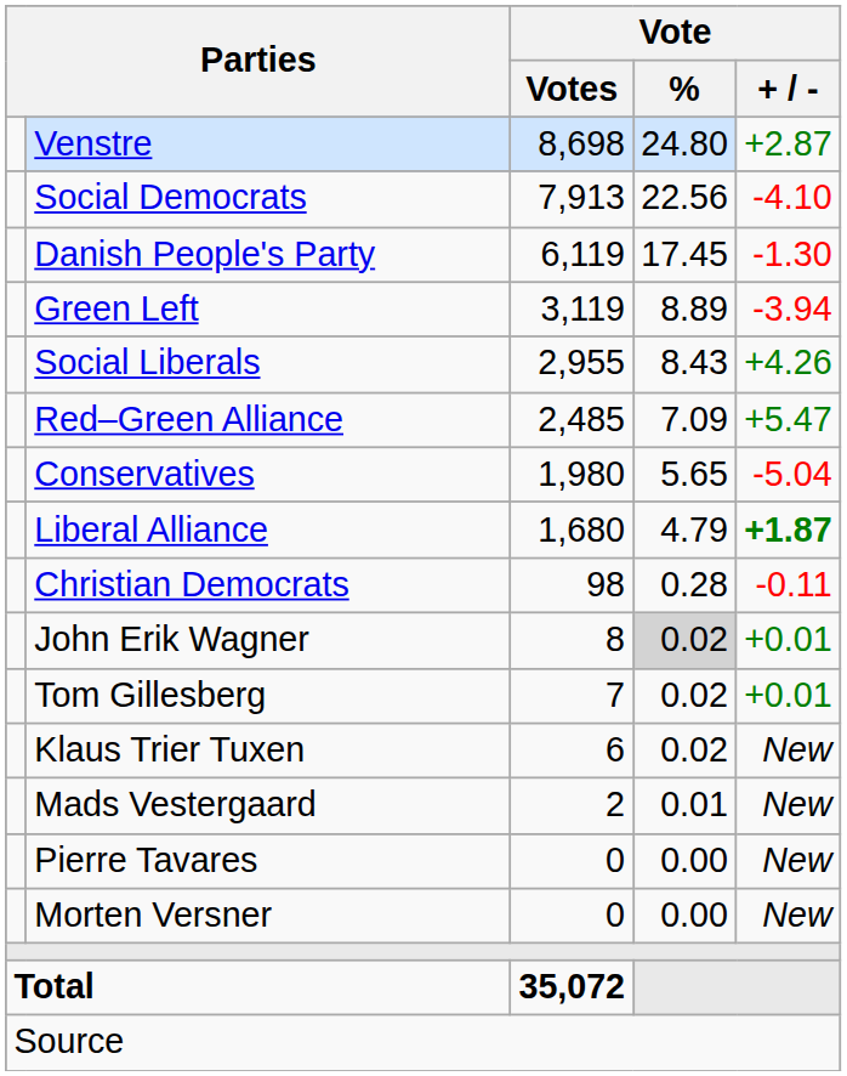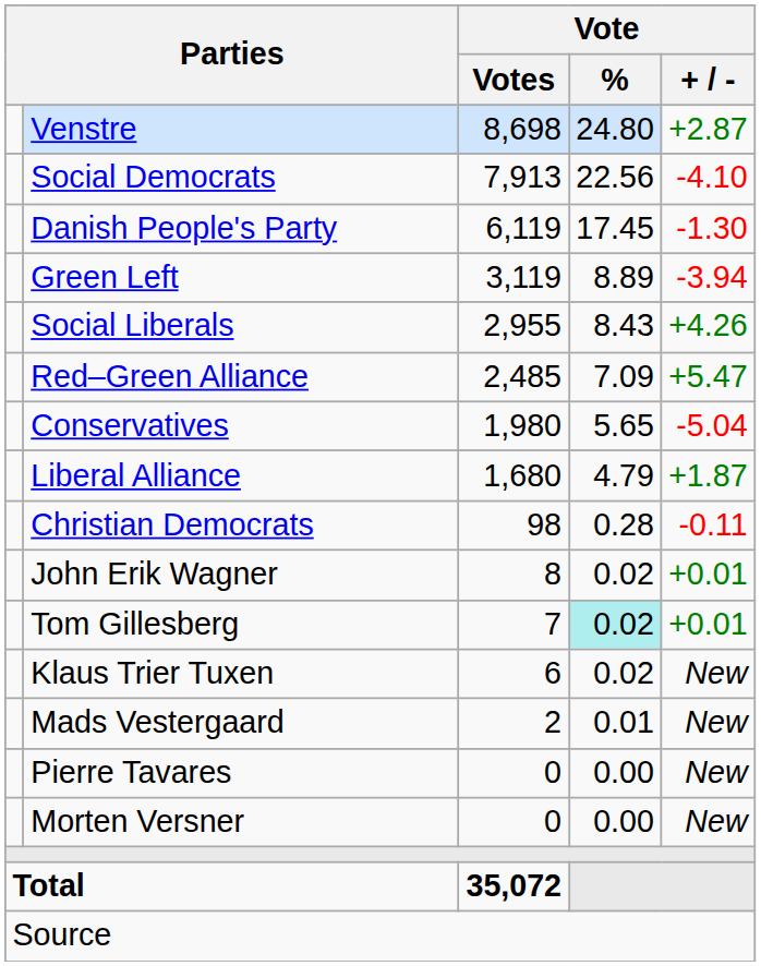 <table class="wikitable" style="text-align:right;">
 <tr>
 <th style="text-align:centre;" rowspan="2" colspan="2" width="225">Parties</th>
 <th colspan="3">Vote</th>
 </tr>
 <tr>
 <th width="15">Votes</th>
 <th width="15">%</th>
 <th width="15">+ / -</th>
 </tr>
 <tr>
 <td width="2" style="color:inherit;background:"></td>
 <td bgcolor=#cfe5fe  align="left"><a href='#'>Venstre</a></td>
 <td bgcolor=#cfe5fe>8,698</td>
 <td bgcolor=#cfe5fe>24.80</td>
 <td style=color:green;>+2.87</td>
 </tr>
 <tr>
 <td width="2" style="color:inherit;background:"></td>
 <td align="left"><a href='#'>Social Democrats</a></td>
 <td>7,913</td>
 <td>22.56</td>
 <td style=color:red;>-4.10</td>
 </tr>
 <tr>
 <td width="2" style="color:inherit;background:"></td>
 <td align="left"><a href='#'>Danish People's Party</a></td>
 <td>6,119</td>
 <td>17.45</td>
 <td style=color:red;>-1.30</td>
 </tr>
 <tr>
 <td width="2" style="color:inherit;background:"></td>
 <td align="left"><a href='#'>Green Left</a></td>
 <td>3,119</td>
 <td>8.89</td>
 <td style=color:red;>-3.94</td>
 </tr>
 <tr>
 <td width="2" style="color:inherit;background:"></td>
 <td align="left"><a href='#'>Social Liberals</a></td>
 <td>2,955</td>
 <td>8.43</td>
 <td style=color:green;>+4.26</td>
 </tr>
 <tr>
 <td width="2" style="color:inherit;background:"></td>
 <td align="left"><a href='#'>Red–Green Alliance</a></td>
 <td>2,485</td>
 <td>7.09</td>
 <td style=color:green;>+5.47</td>
 </tr>
 <tr>
 <td width="2" style="color:inherit;background:"></td>
 <td align="left"><a href='#'>Conservatives</a></td>
 <td>1,980</td>
 <td>5.65</td>
 <td style=color:red;>-5.04</td>
 </tr>
 <tr>
 <td width="2" style="color:inherit;background:"></td>
 <td align="left"><a href='#'>Liberal Alliance</a></td>
 <td>1,680</td>
 <td>4.79</td>
-<td style=color:green;><strong>+1.87</strong></td>
+<td style=color:green;>+1.87</td>
 </tr>
 <tr>
 <td width="2" style="color:inherit;background:"></td>
 <td align="left"><a href='#'>Christian Democrats</a></td>
 <td>98</td>
 <td>0.28</td>
 <td style=color:red;>-0.11</td>
 </tr>
 <tr>
 <td width="2" style="color:inherit;background:"></td>
 <td align="left">John Erik Wagner</td>
 <td>8</td>
-<td style="background: lightgrey;">0.02</td>
+<td>0.02</td>
 <td style=color:green;>+0.01</td>
 </tr>
 <tr>
 <td width="2" style="color:inherit;background:"></td>
 <td align="left">Tom Gillesberg</td>
 <td>7</td>
-<td>0.02</td>
+<td style="background: paleturquoise;">0.02</td>
 <td style=color:green;>+0.01</td>
 </tr>
 <tr>
 <td width="2" style="color:inherit;background:"></td>
 <td align="left">Klaus Trier Tuxen</td>
 <td>6</td>
 <td>0.02</td>
 <td><em>New</em></td>
 </tr>
 <tr>
 <td width="2" style="color:inherit;background:"></td>
 <td align="left">Mads Vestergaard</td>
 <td>2</td>
 <td>0.01</td>
 <td><em>New</em></td>
 </tr>
 <tr>
 <td width="2" style="color:inherit;background:"></td>
 <td align="left">Pierre Tavares</td>
 <td>0</td>
 <td>0.00</td>
 <td><em>New</em></td>
 </tr>
 <tr>
 <td width="2" style="color:inherit;background:"></td>
 <td align="left">Morten Versner</td>
 <td>0</td>
 <td>0.00</td>
 <td><em>New</em></td>
 </tr>
 <tr>
 <td colspan="7" bgcolor="#E9E9E9"></td>
 </tr>
 <tr>
 <td align="left" colspan="2"><strong>Total</strong></td>
 <td><strong>35,072</strong></td>
 <td bgcolor="#E9E9E9" colspan="2"></td>
 </tr>
 <tr>
 <td align="left" colspan="6">Source</td>
 </tr>
 </table>
